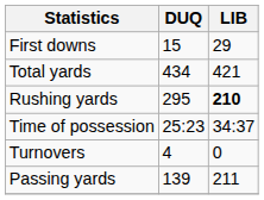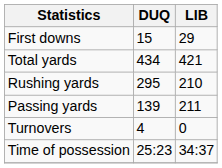 <table class="wikitable">
 <tr>
 <th>Statistics</th>
 <th>DUQ</th>
 <th>LIB</th>
 </tr>
 <tr>
 <td>First downs</td>
 <td>15</td>
 <td>29</td>
 </tr>
 <tr>
 <td>Total yards</td>
 <td>434</td>
 <td>421</td>
 </tr>
 <tr>
 <td>Rushing yards</td>
 <td>295</td>
-<td><strong>210</strong></td>
+<td>210</td>
+</tr>
+<tr>
+<td>Passing yards</td>
+<td>139</td>
+<td>211</td>
+</tr>
+<tr>
+<td>Turnovers</td>
+<td>4</td>
+<td>0</td>
 </tr>
 <tr>
 <td>Time of possession</td>
 <td>25:23</td>
 <td>34:37</td>
 </tr>
 <tr>
-<td>Turnovers</td>
-<td>4</td>
-<td>0</td>
-</tr>
-<tr>
-<td>Passing yards</td>
-<td>139</td>
-<td>211</td>
-</tr>
-<tr>
 </tr>
 </table>
